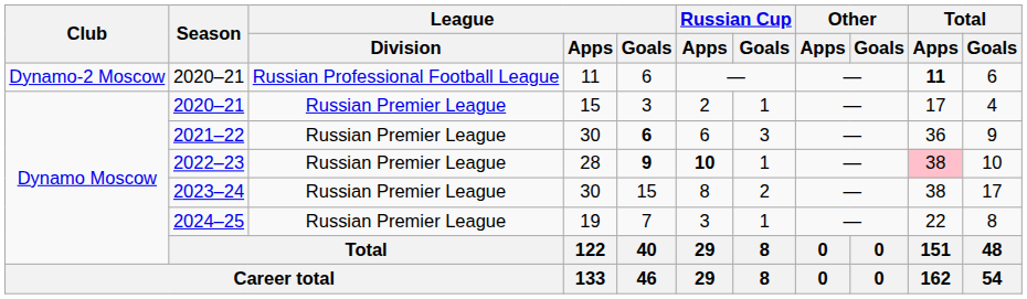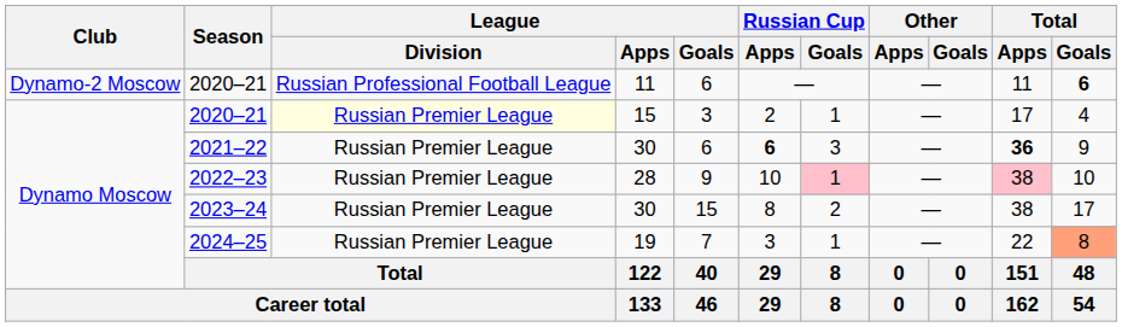 <table class="wikitable" style="text-align: center;">
 <tr>
 <th rowspan="2">Club</th>
 <th rowspan="2">Season</th>
 <th colspan="3">League</th>
 <th colspan="2"><a href='#'>Russian Cup</a></th>
 <th colspan="2">Other</th>
 <th colspan="2">Total</th>
 </tr>
 <tr>
 <th>Division</th>
 <th>Apps</th>
 <th>Goals</th>
 <th>Apps</th>
 <th>Goals</th>
 <th>Apps</th>
 <th>Goals</th>
 <th>Apps</th>
 <th>Goals</th>
 </tr>
 <tr>
 <td><a href='#'>Dynamo-2 Moscow</a></td>
 <td>2020–21</td>
 <td><a href='#'>Russian Professional Football League</a></td>
 <td>11</td>
 <td>6</td>
 <td colspan="2">—</td>
 <td colspan="2">—</td>
-<td><strong>11</strong></td>
-<td>6</td>
+<td>11</td>
+<td><strong>6</strong></td>
 </tr>
 <tr>
 <td rowspan="6"><a href='#'>Dynamo Moscow</a></td>
 <td><a href='#'>2020–21</a></td>
-<td><a href='#'>Russian Premier League</a></td>
+<td style="background: lightyellow;"><a href='#'>Russian Premier League</a></td>
 <td>15</td>
 <td>3</td>
 <td>2</td>
 <td>1</td>
 <td colspan="2">—</td>
 <td>17</td>
 <td>4</td>
 </tr>
 <tr>
 <td><a href='#'>2021–22</a></td>
 <td>Russian Premier League</td>
 <td>30</td>
+<td>6</td>
 <td><strong>6</strong></td>
-<td>6</td>
 <td>3</td>
 <td colspan="2">—</td>
-<td>36</td>
+<td><strong>36</strong></td>
 <td>9</td>
 </tr>
 <tr>
 <td><a href='#'>2022–23</a></td>
 <td>Russian Premier League</td>
 <td>28</td>
-<td><strong>9</strong></td>
-<td><strong>10</strong></td>
-<td>1</td>
+<td>9</td>
+<td>10</td>
+<td style="background: pink;">1</td>
 <td colspan="2">—</td>
 <td style="background: pink;">38</td>
 <td>10</td>
 </tr>
 <tr>
 <td><a href='#'>2023–24</a></td>
 <td>Russian Premier League</td>
 <td>30</td>
 <td>15</td>
 <td>8</td>
 <td>2</td>
 <td colspan="2">—</td>
 <td>38</td>
 <td>17</td>
 </tr>
 <tr>
 <td><a href='#'>2024–25</a></td>
 <td>Russian Premier League</td>
 <td>19</td>
 <td>7</td>
 <td>3</td>
 <td>1</td>
 <td colspan="2">—</td>
 <td>22</td>
-<td>8</td>
+<td style="background: lightsalmon;">8</td>
 </tr>
 <tr>
 <th colspan="2">Total</th>
 <th>122</th>
 <th>40</th>
 <th>29</th>
 <th>8</th>
 <th>0</th>
 <th>0</th>
 <th>151</th>
 <th>48</th>
 </tr>
 <tr>
 <th colspan="3">Career total</th>
 <th>133</th>
 <th>46</th>
 <th>29</th>
 <th>8</th>
 <th>0</th>
 <th>0</th>
 <th>162</th>
 <th>54</th>
 </tr>
 </table>
